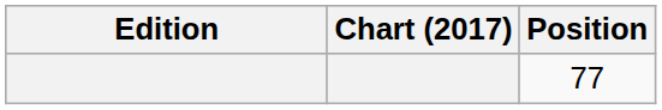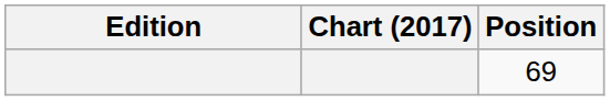 <table class="wikitable sortable plainrowheaders" style="text-align:center">
 <tr>
 <th style="width:10em;">Edition</th>
 <th>Chart (2017)</th>
 <th>Position</th>
 </tr>
 <tr>
 <th scope="row"></th>
 <th scope="row"></th>
-<td>77</td>
+<td>69</td>
 </tr>
 </table>
